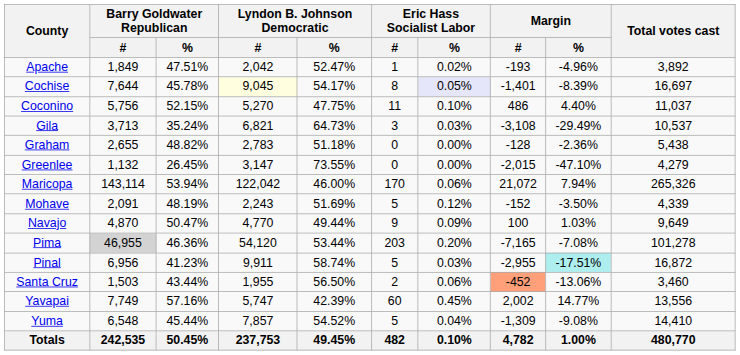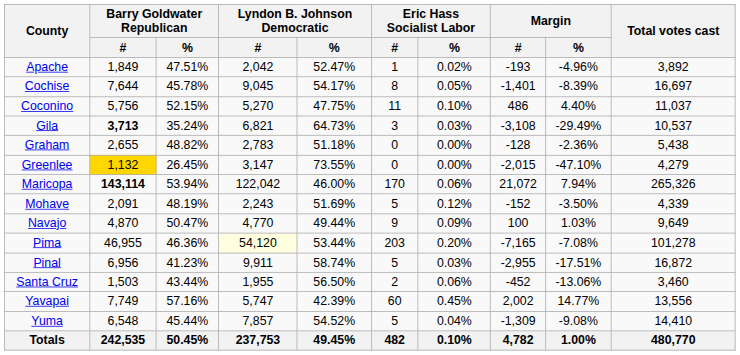 <table width="60%" class="wikitable sortable">
 <tr>
 <th rowspan="2">County</th>
 <th colspan="2">Barry Goldwater<br>Republican</th>
 <th colspan="2">Lyndon B. Johnson<br>Democratic</th>
 <th colspan="2">Eric Hass<br>Socialist Labor</th>
 <th colspan="2">Margin</th>
 <th rowspan="2">Total votes cast</th>
 </tr>
 <tr>
 <th data-sort-type="number">#</th>
 <th data-sort-type="number">%</th>
 <th data-sort-type="number">#</th>
 <th data-sort-type="number">%</th>
 <th data-sort-type="number">#</th>
 <th data-sort-type="number">%</th>
 <th data-sort-type="number">#</th>
 <th data-sort-type="number">%</th>
 </tr>
 <tr style="text-align:center;">
 <td><a href='#'>Apache</a></td>
 <td>1,849</td>
 <td>47.51%</td>
 <td>2,042</td>
 <td>52.47%</td>
 <td>1</td>
 <td>0.02%</td>
 <td>-193</td>
 <td>-4.96%</td>
 <td>3,892</td>
 </tr>
 <tr style="text-align:center;">
 <td><a href='#'>Cochise</a></td>
 <td>7,644</td>
 <td>45.78%</td>
-<td style="background: lightyellow;">9,045</td>
+<td>9,045</td>
 <td>54.17%</td>
 <td>8</td>
-<td style="background: lavender;">0.05%</td>
+<td>0.05%</td>
 <td>-1,401</td>
 <td>-8.39%</td>
 <td>16,697</td>
 </tr>
 <tr style="text-align:center;">
 <td><a href='#'>Coconino</a></td>
 <td>5,756</td>
 <td>52.15%</td>
 <td>5,270</td>
 <td>47.75%</td>
 <td>11</td>
 <td>0.10%</td>
 <td>486</td>
 <td>4.40%</td>
 <td>11,037</td>
 </tr>
 <tr style="text-align:center;">
 <td><a href='#'>Gila</a></td>
-<td>3,713</td>
+<td><strong>3,713</strong></td>
 <td>35.24%</td>
 <td>6,821</td>
 <td>64.73%</td>
 <td>3</td>
 <td>0.03%</td>
 <td>-3,108</td>
 <td>-29.49%</td>
 <td>10,537</td>
 </tr>
 <tr style="text-align:center;">
 <td><a href='#'>Graham</a></td>
 <td>2,655</td>
 <td>48.82%</td>
 <td>2,783</td>
 <td>51.18%</td>
 <td>0</td>
 <td>0.00%</td>
 <td>-128</td>
 <td>-2.36%</td>
 <td>5,438</td>
 </tr>
 <tr style="text-align:center;">
 <td><a href='#'>Greenlee</a></td>
-<td>1,132</td>
+<td style="background: gold;">1,132</td>
 <td>26.45%</td>
 <td>3,147</td>
 <td>73.55%</td>
 <td>0</td>
 <td>0.00%</td>
 <td>-2,015</td>
 <td>-47.10%</td>
 <td>4,279</td>
 </tr>
 <tr style="text-align:center;">
 <td><a href='#'>Maricopa</a></td>
-<td>143,114</td>
+<td><strong>143,114</strong></td>
 <td>53.94%</td>
 <td>122,042</td>
 <td>46.00%</td>
 <td>170</td>
 <td>0.06%</td>
 <td>21,072</td>
 <td>7.94%</td>
 <td>265,326</td>
 </tr>
 <tr style="text-align:center;">
 <td><a href='#'>Mohave</a></td>
 <td>2,091</td>
 <td>48.19%</td>
 <td>2,243</td>
 <td>51.69%</td>
 <td>5</td>
 <td>0.12%</td>
 <td>-152</td>
 <td>-3.50%</td>
 <td>4,339</td>
 </tr>
 <tr style="text-align:center;">
 <td><a href='#'>Navajo</a></td>
 <td>4,870</td>
 <td>50.47%</td>
 <td>4,770</td>
 <td>49.44%</td>
 <td>9</td>
 <td>0.09%</td>
 <td>100</td>
 <td>1.03%</td>
 <td>9,649</td>
 </tr>
 <tr style="text-align:center;">
 <td><a href='#'>Pima</a></td>
-<td style="background: lightgrey;">46,955</td>
+<td>46,955</td>
 <td>46.36%</td>
-<td>54,120</td>
+<td style="background: lightyellow;">54,120</td>
 <td>53.44%</td>
 <td>203</td>
 <td>0.20%</td>
 <td>-7,165</td>
 <td>-7.08%</td>
 <td>101,278</td>
 </tr>
 <tr style="text-align:center;">
 <td><a href='#'>Pinal</a></td>
 <td>6,956</td>
 <td>41.23%</td>
 <td>9,911</td>
 <td>58.74%</td>
 <td>5</td>
 <td>0.03%</td>
 <td>-2,955</td>
-<td style="background: paleturquoise;">-17.51%</td>
+<td>-17.51%</td>
 <td>16,872</td>
 </tr>
 <tr style="text-align:center;">
 <td><a href='#'>Santa Cruz</a></td>
 <td>1,503</td>
 <td>43.44%</td>
 <td>1,955</td>
 <td>56.50%</td>
 <td>2</td>
 <td>0.06%</td>
-<td style="background: lightsalmon;">-452</td>
+<td>-452</td>
 <td>-13.06%</td>
 <td>3,460</td>
 </tr>
 <tr style="text-align:center;">
 <td><a href='#'>Yavapai</a></td>
 <td>7,749</td>
 <td>57.16%</td>
 <td>5,747</td>
 <td>42.39%</td>
 <td>60</td>
 <td>0.45%</td>
 <td>2,002</td>
 <td>14.77%</td>
 <td>13,556</td>
 </tr>
 <tr style="text-align:center;">
 <td><a href='#'>Yuma</a></td>
 <td>6,548</td>
 <td>45.44%</td>
 <td>7,857</td>
 <td>54.52%</td>
 <td>5</td>
 <td>0.04%</td>
 <td>-1,309</td>
 <td>-9.08%</td>
 <td>14,410</td>
 </tr>
 <tr>
 <th>Totals</th>
 <th>242,535</th>
 <th>50.45%</th>
 <th>237,753</th>
 <th>49.45%</th>
 <th>482</th>
 <th>0.10%</th>
 <th>4,782</th>
 <th>1.00%</th>
 <th>480,770</th>
 </tr>
 </table>
